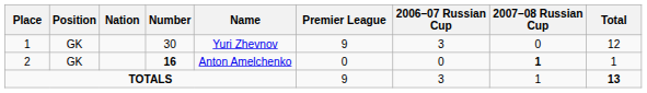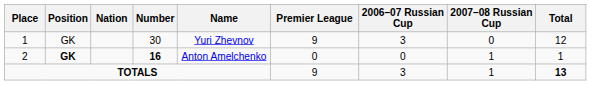 <table class="wikitable" style="font-size: 95%; text-align: center;">
 <tr>
 <th width=60>Place</th>
 <th width=60>Position</th>
 <th width=60>Nation</th>
 <th width=60>Number</th>
 <th width=150>Name</th>
 <th width=150>Premier League</th>
 <th width=150>2006–07 Russian Cup</th>
 <th width=150>2007–08 Russian Cup</th>
 <th width=80>Total</th>
 </tr>
 <tr>
 <td>1</td>
 <td>GK</td>
 <td></td>
 <td>30</td>
 <td><a href='#'>Yuri Zhevnov</a></td>
 <td>9</td>
 <td>3</td>
 <td>0</td>
 <td>12</td>
 </tr>
 <tr>
 <td>2</td>
-<td>GK</td>
+<td><strong>GK</strong></td>
 <td></td>
 <td><strong>16</strong></td>
 <td><a href='#'>Anton Amelchenko</a></td>
 <td>0</td>
 <td>0</td>
-<td><strong>1</strong></td>
+<td>1</td>
 <td>1</td>
 </tr>
 <tr>
 <td colspan="5"><strong>TOTALS</strong></td>
 <td>9</td>
 <td>3</td>
 <td>1</td>
 <td><strong>13</strong></td>
 </tr>
 </table>
